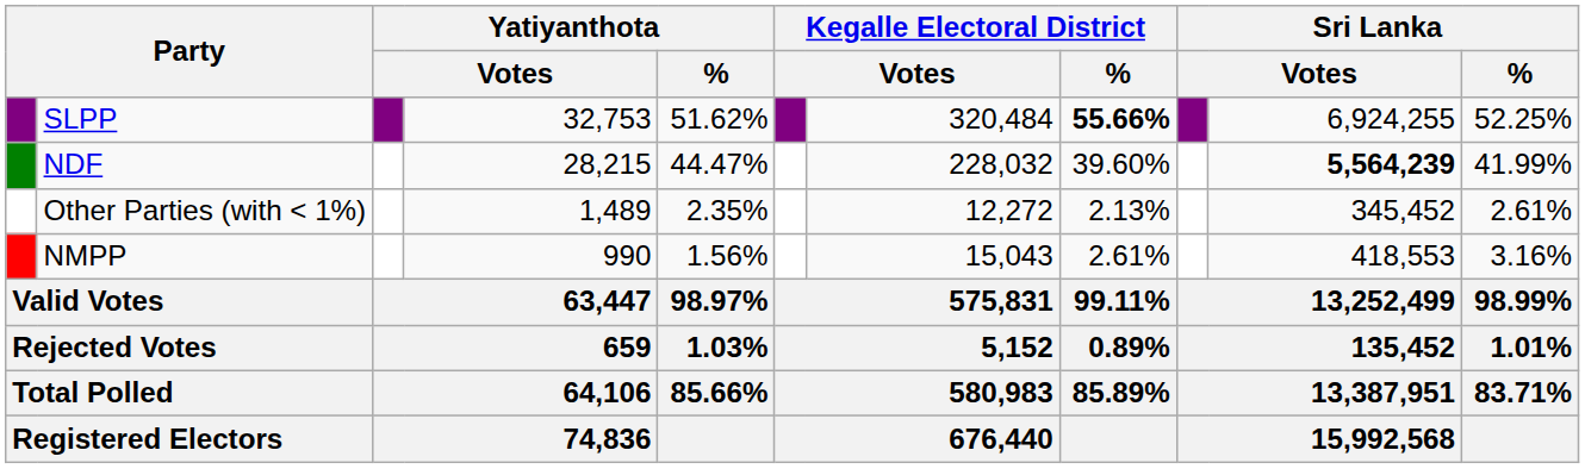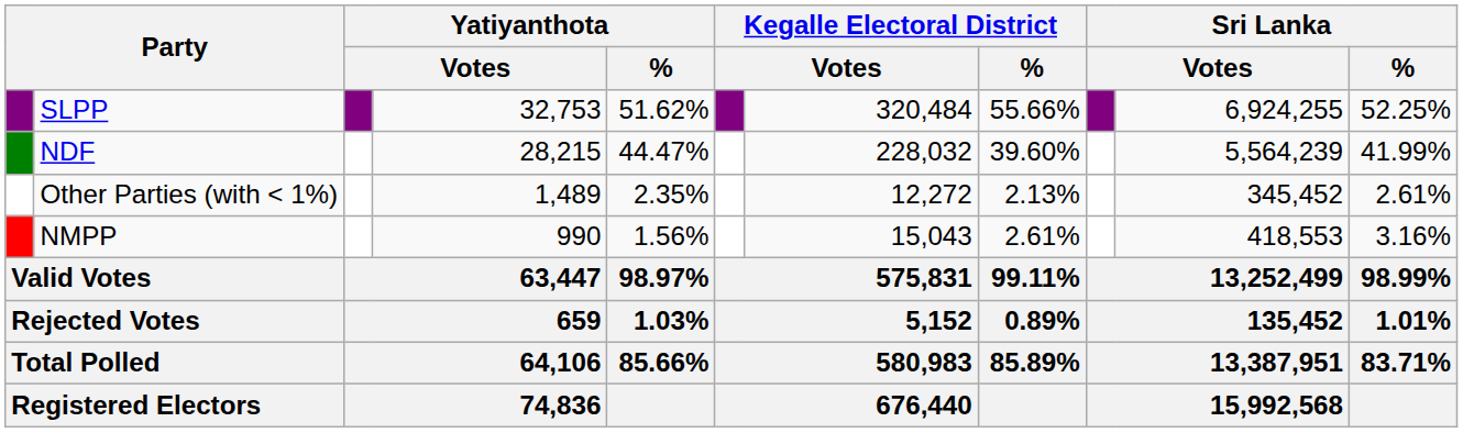 <table class="wikitable">
 <tr>
 <th colspan="2" width="144px"rowspan="2">Party</th>
 <th colspan="3" width="216px">Yatiyanthota</th>
 <th colspan="3" width="216px"><a href='#'>Kegalle Electoral District</a></th>
 <th colspan="3" width="216px">Sri Lanka</th>
 </tr>
 <tr>
 <th colspan="2" width="144px">Votes</th>
 <th>%</th>
 <th colspan="2" width="144px">Votes</th>
 <th>%</th>
 <th colspan="2" width="144px">Votes</th>
 <th>%</th>
 </tr>
 <tr>
 <td style="background-color:purple;" width="10px"></td>
 <td style="text-align:left;"><a href='#'>SLPP</a></td>
 <td style="background-color:purple;" width="10px"></td>
 <td style="text-align:right;">32,753</td>
 <td style="text-align:right;">51.62%</td>
 <td style="background-color:purple;" width="10px"></td>
 <td style="text-align:right;">320,484</td>
-<td style="text-align:right;"><strong>55.66%</strong></td>
+<td style="text-align:right;">55.66%</td>
 <td style="background-color:purple;" width="10px"></td>
 <td style="text-align:right;">6,924,255</td>
 <td style="text-align:right;">52.25%</td>
 </tr>
 <tr>
 <td style="background-color:green;" width="10px"></td>
 <td style="text-align:left;"><a href='#'>NDF</a></td>
 <td style="background-color:white;" width="10px"></td>
 <td style="text-align:right;">28,215</td>
 <td style="text-align:right;">44.47%</td>
 <td style="background-color:white;" width="10px"></td>
 <td style="text-align:right;">228,032</td>
 <td style="text-align:right;">39.60%</td>
 <td style="background-color:white;" width="10px"></td>
-<td style="text-align:right;"><strong>5,564,239</strong></td>
+<td style="text-align:right;">5,564,239</td>
 <td style="text-align:right;">41.99%</td>
 </tr>
 <tr>
 <td style="background-color:white;" width="10px"></td>
 <td style="text-align:left;">Other Parties (with < 1%)</td>
 <td style="background-color:white;" width="10px"></td>
 <td style="text-align:right;">1,489</td>
 <td style="text-align:right;">2.35%</td>
 <td style="background-color:white;" width="10px"></td>
 <td style="text-align:right;">12,272</td>
 <td style="text-align:right;">2.13%</td>
 <td style="background-color:white;" width="10px"></td>
 <td style="text-align:right;">345,452</td>
 <td style="text-align:right;">2.61%</td>
 </tr>
 <tr>
 <td style="background-color:red;" width="10px"></td>
 <td style="text-align:left;">NMPP</td>
 <td style="background-color:white;" width="10px"></td>
 <td style="text-align:right;">990</td>
 <td style="text-align:right;">1.56%</td>
 <td style="background-color:white;" width="10px"></td>
 <td style="text-align:right;">15,043</td>
 <td style="text-align:right;">2.61%</td>
 <td style="background-color:white;" width="10px"></td>
 <td style="text-align:right;">418,553</td>
 <td style="text-align:right;">3.16%</td>
 </tr>
 <tr>
 <th colspan="2" width="144px"style="text-align:left;">Valid Votes</th>
 <th style="text-align:right;"colspan="2" width="144px">63,447</th>
 <th style="text-align:right;">98.97%</th>
 <th style="text-align:right;"colspan="2" width="144px">575,831</th>
 <th style="text-align:right;">99.11%</th>
 <th style="text-align:right;"colspan="2" width="144px">13,252,499</th>
 <th style="text-align:right;">98.99%</th>
 </tr>
 <tr>
 <th colspan="2" width="144px"style="text-align:left;">Rejected Votes</th>
 <th style="text-align:right;"colspan="2" width="144px">659</th>
 <th style="text-align:right;">1.03%</th>
 <th style="text-align:right;"colspan="2" width="144px">5,152</th>
 <th style="text-align:right;">0.89%</th>
 <th style="text-align:right;"colspan="2" width="144px">135,452</th>
 <th style="text-align:right;">1.01%</th>
 </tr>
 <tr>
 <th colspan="2" width="144px"style="text-align:left;">Total Polled</th>
 <th style="text-align:right;"colspan="2" width="144px">64,106</th>
 <th style="text-align:right;">85.66%</th>
 <th style="text-align:right;"colspan="2" width="144px">580,983</th>
 <th style="text-align:right;">85.89%</th>
 <th style="text-align:right;"colspan="2" width="144px">13,387,951</th>
 <th style="text-align:right;">83.71%</th>
 </tr>
 <tr>
 <th colspan="2" width="144px"style="text-align:left;">Registered Electors</th>
 <th style="text-align:right;"colspan="2" width="144px">74,836</th>
 <th></th>
 <th style="text-align:right;"colspan="2" width="144px">676,440</th>
 <th></th>
 <th style="text-align:right;"colspan="2" width="144px">15,992,568</th>
 <th></th>
 </tr>
 </table>
